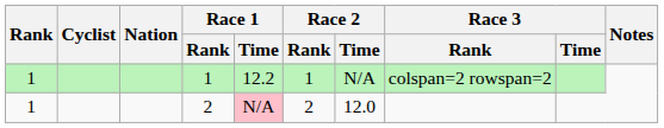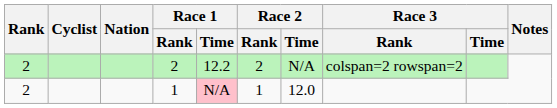 <table class="wikitable sortable" style="text-align:center">
 <tr>
 <th rowspan=2>Rank</th>
 <th rowspan=2>Cyclist</th>
 <th rowspan=2>Nation</th>
 <th colspan=2>Race 1</th>
 <th colspan=2>Race 2</th>
 <th colspan=2>Race 3</th>
 <th rowspan=2>Notes</th>
 </tr>
 <tr>
 <th>Rank</th>
 <th>Time</th>
 <th>Rank</th>
 <th>Time</th>
 <th>Rank</th>
 <th>Time</th>
 </tr>
 <tr bgcolor=bbf3bb>
-<td>1</td>
+<td>2</td>
 <td align=left></td>
 <td align=left></td>
-<td>1</td>
+<td>2</td>
 <td>12.2</td>
-<td>1</td>
+<td>2</td>
 <td>N/A</td>
 <td>colspan=2 rowspan=2 </td>
 <td></td>
 </tr>
 <tr>
-<td>1</td>
+<td>2</td>
 <td align=left></td>
 <td align=left></td>
-<td>2</td>
+<td>1</td>
 <td style="background: pink;">N/A</td>
-<td>2</td>
+<td>1</td>
 <td>12.0</td>
 <td></td>
 </tr>
 </table>
